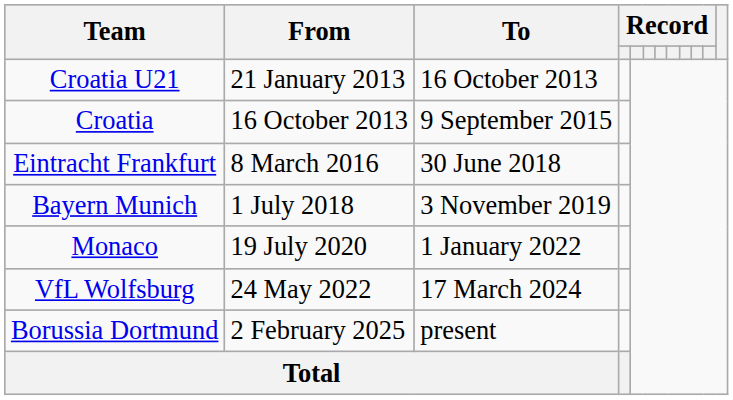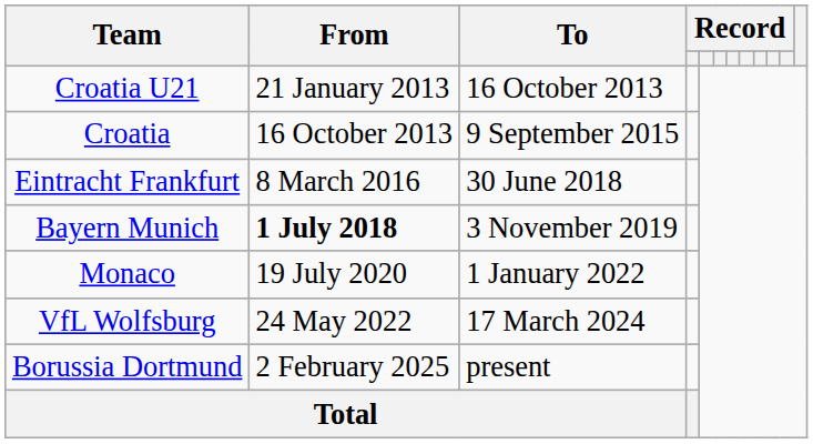 <table class="wikitable" style="text-align:center">
 <tr>
 <th rowspan="2">Team</th>
 <th rowspan="2">From</th>
 <th rowspan="2">To</th>
 <th colspan="8">Record</th>
 <th rowspan=2></th>
 </tr>
 <tr>
 <th></th>
 <th></th>
 <th></th>
 <th></th>
 <th></th>
 <th></th>
 <th></th>
 <th></th>
 </tr>
 <tr>
 <td><a href='#'>Croatia U21</a></td>
 <td align=left>21 January 2013</td>
 <td align=left>16 October 2013<br></td>
 <td></td>
 </tr>
 <tr>
 <td><a href='#'>Croatia</a></td>
 <td align=left>16 October 2013</td>
 <td align=left>9 September 2015<br></td>
 <td></td>
 </tr>
 <tr>
 <td><a href='#'>Eintracht Frankfurt</a></td>
 <td align=left>8 March 2016</td>
 <td align=left>30 June 2018<br></td>
 <td></td>
 </tr>
 <tr>
 <td><a href='#'>Bayern Munich</a></td>
-<td align=left>1 July 2018</td>
+<td align=left><strong>1 July 2018</strong></td>
 <td align=left>3 November 2019<br></td>
 <td></td>
 </tr>
 <tr>
 <td><a href='#'>Monaco</a></td>
 <td align=left>19 July 2020</td>
 <td align=left>1 January 2022<br></td>
 <td></td>
 </tr>
 <tr>
 <td><a href='#'>VfL Wolfsburg</a></td>
 <td align=left>24 May 2022</td>
 <td align=left>17 March 2024<br></td>
 <td></td>
 </tr>
 <tr>
 <td><a href='#'>Borussia Dortmund</a></td>
 <td align=left>2 February 2025</td>
 <td align=left>present<br></td>
 <td></td>
 </tr>
 <tr>
 <th colspan="3">Total<br></th>
 <th></th>
 </tr>
 </table>
